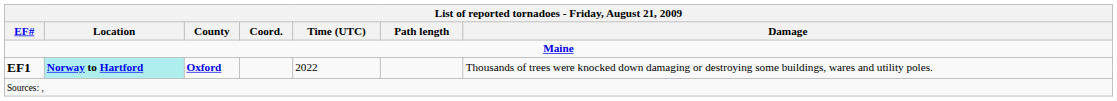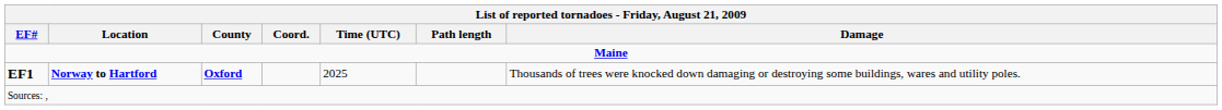 <table class="wikitable collapsible" style="width:100%;">
 <tr>
 <th colspan="7">List of reported tornadoes - Friday, August 21, 2009</th>
 </tr>
 <tr>
 <th><a href='#'>EF#</a></th>
 <th>Location</th>
 <th>County</th>
 <th>Coord.</th>
 <th>Time (UTC)</th>
 <th>Path length</th>
 <th>Damage</th>
 </tr>
 <tr>
 <td colspan="7" style="text-align:center;"><strong><a href='#'>Maine</a></strong></td>
 </tr>
 <tr>
 <td><big><strong>EF1</strong></big></td>
-<td style="background: paleturquoise;"><strong><a href='#'>Norway</a> to <a href='#'>Hartford</a></strong></td>
+<td><strong><a href='#'>Norway</a> to <a href='#'>Hartford</a></strong></td>
 <td><strong><a href='#'>Oxford</a></strong></td>
 <td></td>
-<td>2022</td>
+<td>2025</td>
 <td></td>
 <td>Thousands of trees were knocked down damaging or destroying some buildings, wares and utility poles.</td>
 </tr>
 <tr>
 <td colspan="7"><small>Sources: , </small></td>
 </tr>
 </table>
